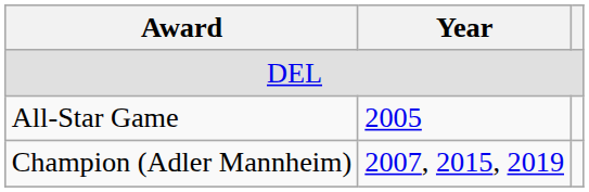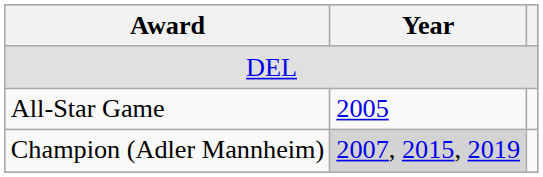 <table class="wikitable">
 <tr>
 <th>Award</th>
 <th>Year</th>
 <th></th>
 </tr>
 <tr ALIGN="center" bgcolor="#e0e0e0">
 <td colspan="3"><a href='#'>DEL</a></td>
 </tr>
 <tr>
 <td>All-Star Game</td>
 <td><a href='#'>2005</a></td>
 <td></td>
 </tr>
 <tr>
 <td>Champion (Adler Mannheim)</td>
-<td><a href='#'>2007</a>, <a href='#'>2015</a>, <a href='#'>2019</a></td>
+<td style="background: lightgrey;"><a href='#'>2007</a>, <a href='#'>2015</a>, <a href='#'>2019</a></td>
 <td></td>
 </tr>
 </table>
